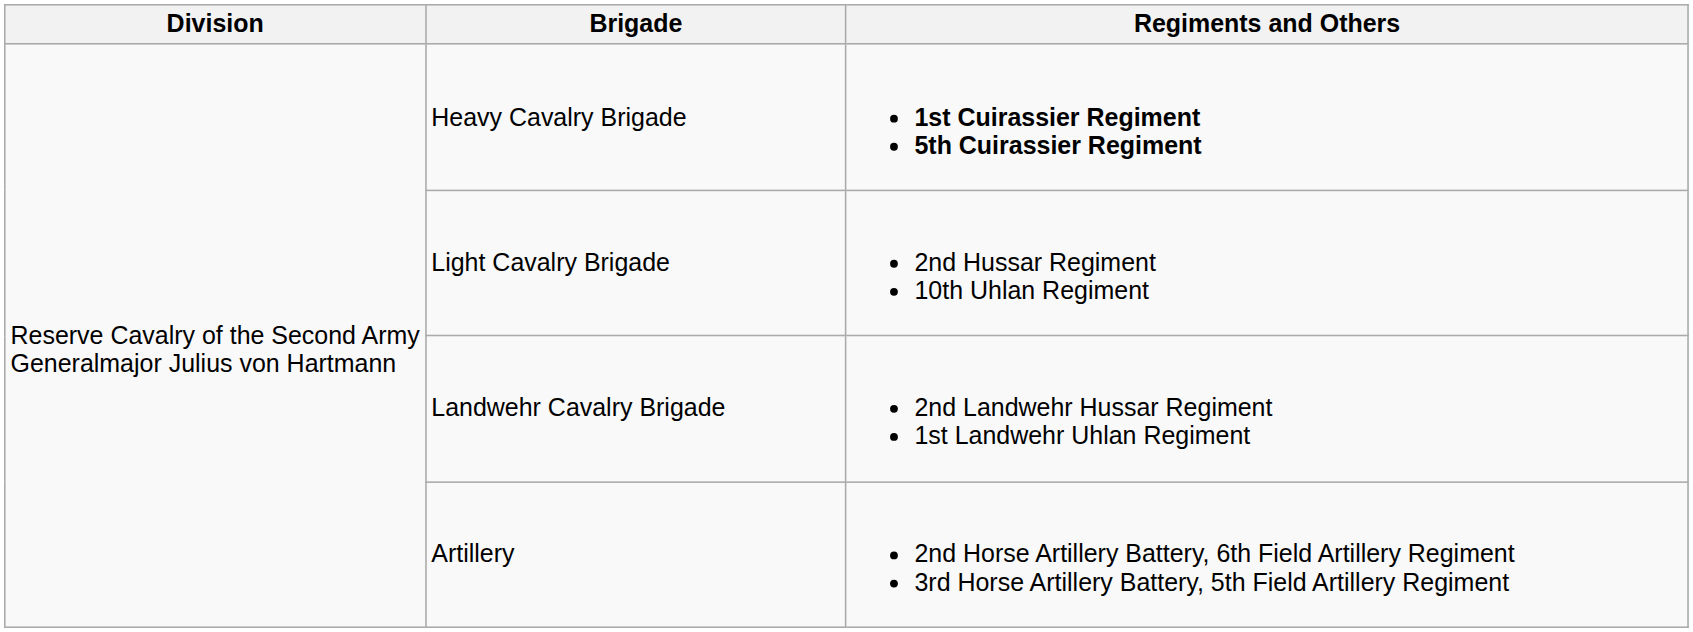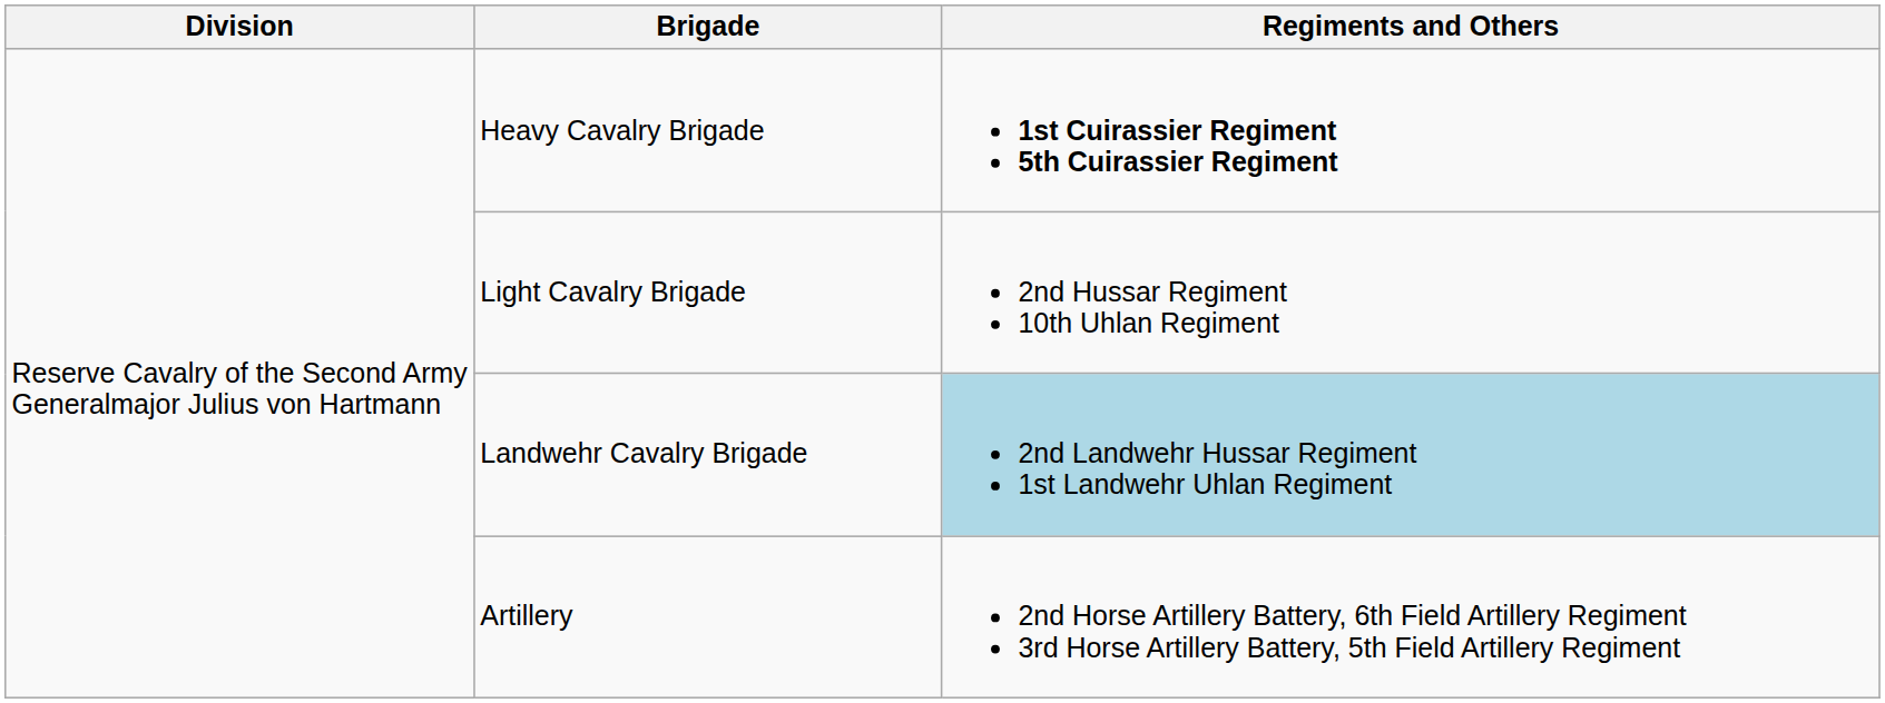 <table class="wikitable">
 <tr>
 <th style="width:25%;">Division</th>
 <th style="width:25%;">Brigade</th>
 <th>Regiments and Others</th>
 </tr>
 <tr>
 <td rowspan=4><br>Reserve Cavalry of the Second Army <br> Generalmajor Julius von Hartmann</td>
 <td>Heavy Cavalry Brigade</td>
 <td><strong><br><ul><li>1st Cuirassier Regiment</li><li>5th Cuirassier Regiment</li></ul></strong></td>
 </tr>
 <tr>
 <td>Light Cavalry Brigade</td>
 <td><br><ul><li>2nd Hussar Regiment</li><li>10th Uhlan Regiment</li></ul></td>
 </tr>
 <tr>
 <td>Landwehr Cavalry Brigade</td>
-<td><br><ul><li>2nd Landwehr Hussar Regiment</li><li>1st Landwehr Uhlan Regiment</li></ul></td>
+<td style="background: lightblue;"><br><ul><li>2nd Landwehr Hussar Regiment</li><li>1st Landwehr Uhlan Regiment</li></ul></td>
 </tr>
 <tr>
 <td>Artillery</td>
 <td><br><ul><li>2nd Horse Artillery Battery, 6th Field Artillery Regiment</li><li>3rd Horse Artillery Battery, 5th Field Artillery Regiment</li></ul></td>
 </tr>
 </table>
